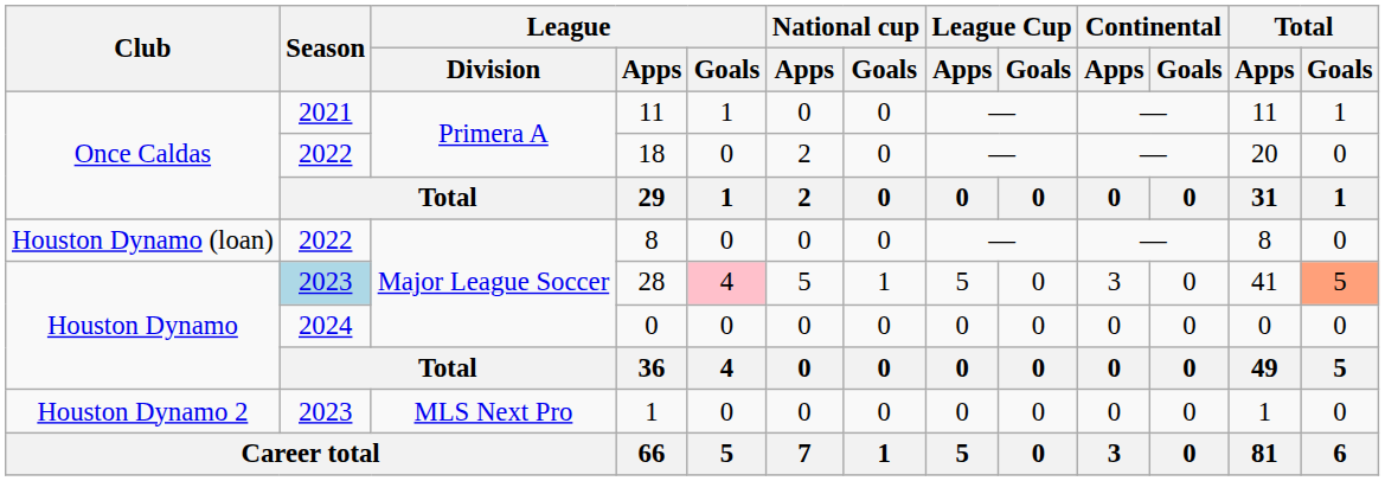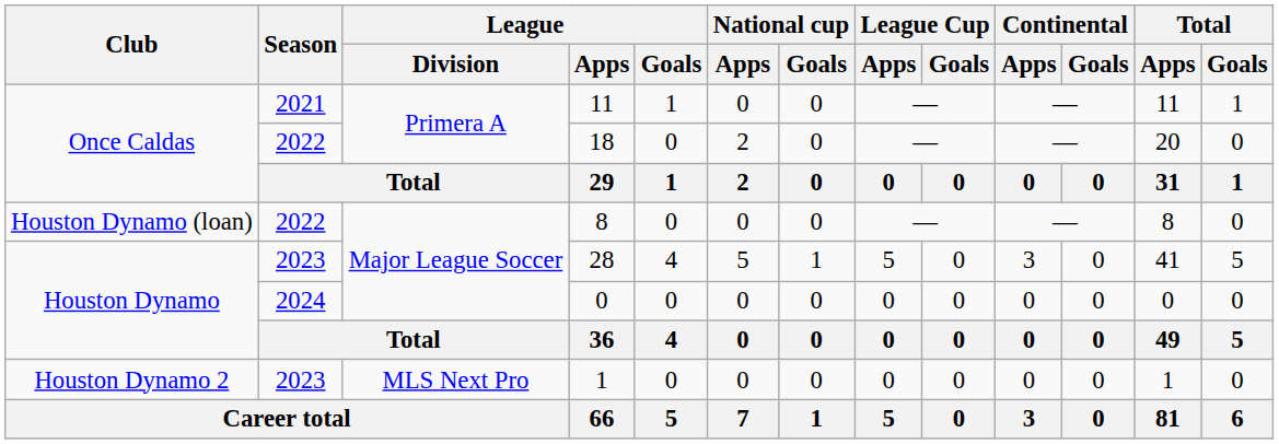 <table class="wikitable" style="text-align:center">
 <tr>
 <th rowspan="2">Club</th>
 <th rowspan="2">Season</th>
 <th colspan="3">League</th>
 <th colspan="2">National cup</th>
 <th colspan="2">League Cup</th>
 <th colspan="2">Continental</th>
 <th colspan="2">Total</th>
 </tr>
 <tr>
 <th>Division</th>
 <th>Apps</th>
 <th>Goals</th>
 <th>Apps</th>
 <th>Goals</th>
 <th>Apps</th>
 <th>Goals</th>
 <th>Apps</th>
 <th>Goals</th>
 <th>Apps</th>
 <th>Goals</th>
 </tr>
 <tr>
 <td rowspan="3"><a href='#'>Once Caldas</a></td>
 <td><a href='#'>2021</a></td>
 <td rowspan="2"><a href='#'>Primera A</a></td>
 <td>11</td>
 <td>1</td>
 <td>0</td>
 <td>0</td>
 <td colspan="2">—</td>
 <td colspan="2">—</td>
 <td>11</td>
 <td>1</td>
 </tr>
 <tr>
 <td><a href='#'>2022</a></td>
 <td>18</td>
 <td>0</td>
 <td>2</td>
 <td>0</td>
 <td colspan="2">—</td>
 <td colspan="2">—</td>
 <td>20</td>
 <td>0</td>
 </tr>
 <tr>
 <th colspan="2">Total</th>
 <th>29</th>
 <th>1</th>
 <th>2</th>
 <th>0</th>
 <th>0</th>
 <th>0</th>
 <th>0</th>
 <th>0</th>
 <th>31</th>
 <th>1</th>
 </tr>
 <tr>
 <td><a href='#'>Houston Dynamo</a> (loan)</td>
 <td><a href='#'>2022</a></td>
 <td rowspan="3"><a href='#'>Major League Soccer</a></td>
 <td>8</td>
 <td>0</td>
 <td>0</td>
 <td>0</td>
 <td colspan="2">—</td>
 <td colspan="2">—</td>
 <td>8</td>
 <td>0</td>
 </tr>
 <tr>
 <td rowspan="3"><a href='#'>Houston Dynamo</a></td>
-<td style="background: lightblue;"><a href='#'>2023</a></td>
+<td><a href='#'>2023</a></td>
 <td>28</td>
-<td style="background: pink;">4</td>
+<td>4</td>
 <td>5</td>
 <td>1</td>
 <td>5</td>
 <td>0</td>
 <td>3</td>
 <td>0</td>
 <td>41</td>
-<td style="background: lightsalmon;">5</td>
+<td>5</td>
 </tr>
 <tr>
 <td><a href='#'>2024</a></td>
 <td>0</td>
 <td>0</td>
 <td>0</td>
 <td>0</td>
 <td>0</td>
 <td>0</td>
 <td>0</td>
 <td>0</td>
 <td>0</td>
 <td>0</td>
 </tr>
 <tr>
 <th colspan="2">Total</th>
 <th>36</th>
 <th>4</th>
 <th>0</th>
 <th>0</th>
 <th>0</th>
 <th>0</th>
 <th>0</th>
 <th>0</th>
 <th>49</th>
 <th>5</th>
 </tr>
 <tr>
 <td><a href='#'>Houston Dynamo 2</a></td>
 <td><a href='#'>2023</a></td>
 <td><a href='#'>MLS Next Pro</a></td>
 <td>1</td>
 <td>0</td>
 <td>0</td>
 <td>0</td>
 <td>0</td>
 <td>0</td>
 <td>0</td>
 <td>0</td>
 <td>1</td>
 <td>0</td>
 </tr>
 <tr>
 <th colspan="3">Career total</th>
 <th>66</th>
 <th>5</th>
 <th>7</th>
 <th>1</th>
 <th>5</th>
 <th>0</th>
 <th>3</th>
 <th>0</th>
 <th>81</th>
 <th>6</th>
 </tr>
 </table>
